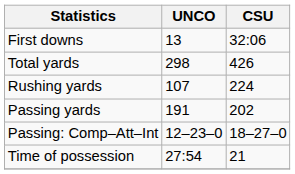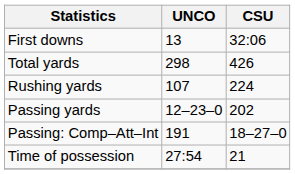 <table class="wikitable" style="float: left;">
 <tr>
 <th>Statistics</th>
 <th>UNCO</th>
 <th>CSU</th>
 </tr>
 <tr>
 <td>First downs</td>
 <td>13</td>
 <td>32:06</td>
 </tr>
 <tr>
 <td>Total yards</td>
 <td>298</td>
 <td>426</td>
 </tr>
 <tr>
 <td>Rushing yards</td>
 <td>107</td>
 <td>224</td>
 </tr>
 <tr>
 <td>Passing yards</td>
-<td>191</td>
+<td>12–23–0</td>
 <td>202</td>
 </tr>
 <tr>
 <td>Passing: Comp–Att–Int</td>
-<td>12–23–0</td>
+<td>191</td>
 <td>18–27–0</td>
 </tr>
 <tr>
 <td>Time of possession</td>
 <td>27:54</td>
 <td>21</td>
 </tr>
 <tr>
 </tr>
 </table>
